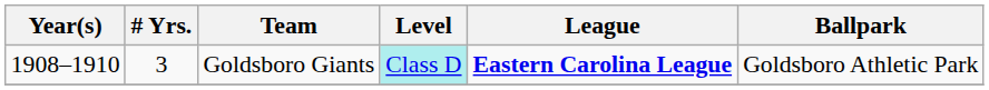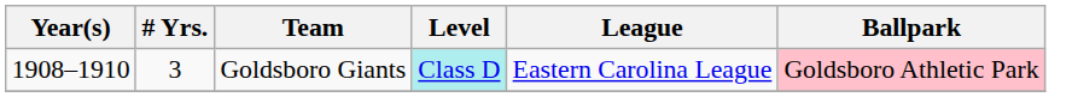 <table class="wikitable" style="text-align:center; font-size: 95%;">
 <tr>
 <th>Year(s)</th>
 <th># Yrs.</th>
 <th>Team</th>
 <th>Level</th>
 <th>League</th>
 <th>Ballpark</th>
 </tr>
 <tr>
 <td>1908–1910</td>
 <td>3</td>
 <td>Goldsboro Giants</td>
 <td style="background: paleturquoise;"><a href='#'>Class D</a></td>
-<td><strong><a href='#'>Eastern Carolina League</a></strong></td>
-<td>Goldsboro Athletic Park</td>
+<td><a href='#'>Eastern Carolina League</a></td>
+<td style="background: pink;">Goldsboro Athletic Park</td>
 </tr>
 <tr>
 </tr>
 </table>
